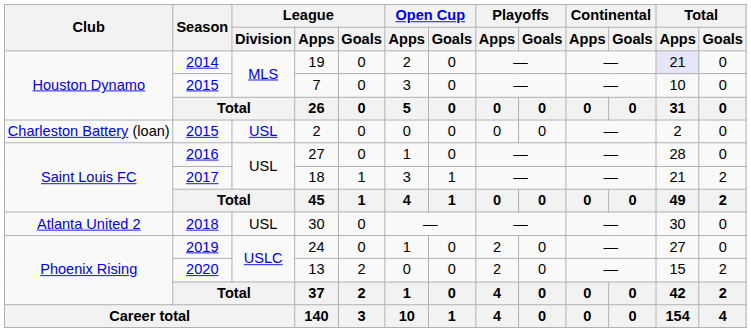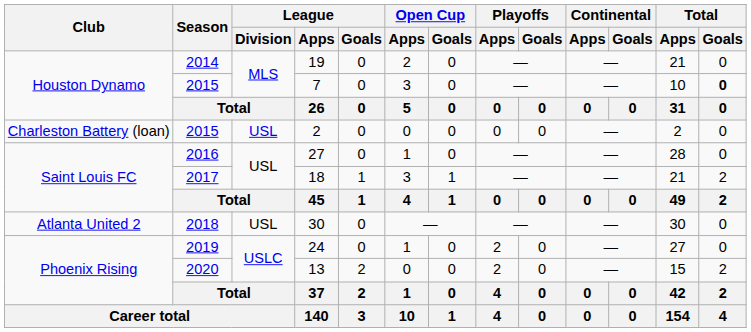 <table class="wikitable" style="text-align:center">
 <tr>
 <th rowspan="2">Club</th>
 <th rowspan="2">Season</th>
 <th colspan="3">League</th>
 <th colspan="2"><a href='#'>Open Cup</a></th>
 <th colspan="2">Playoffs</th>
 <th colspan="2">Continental</th>
 <th colspan="2">Total</th>
 </tr>
 <tr>
 <th>Division</th>
 <th>Apps</th>
 <th>Goals</th>
 <th>Apps</th>
 <th>Goals</th>
 <th>Apps</th>
 <th>Goals</th>
 <th>Apps</th>
 <th>Goals</th>
 <th>Apps</th>
 <th>Goals</th>
 </tr>
 <tr>
 <td rowspan="3"><a href='#'>Houston Dynamo</a></td>
 <td><a href='#'>2014</a></td>
 <td rowspan="2"><a href='#'>MLS</a></td>
 <td>19</td>
 <td>0</td>
 <td>2</td>
 <td>0</td>
 <td colspan="2">—</td>
 <td colspan="2">—</td>
-<td style="background: lavender;">21</td>
+<td>21</td>
 <td>0</td>
 </tr>
 <tr>
 <td><a href='#'>2015</a></td>
 <td>7</td>
 <td>0</td>
 <td>3</td>
 <td>0</td>
 <td colspan="2">—</td>
 <td colspan="2">—</td>
 <td>10</td>
-<td>0</td>
+<td><strong>0</strong></td>
 </tr>
 <tr>
 <th colspan="2">Total</th>
 <th>26</th>
 <th>0</th>
 <th>5</th>
 <th>0</th>
 <th>0</th>
 <th>0</th>
 <th>0</th>
 <th>0</th>
 <th>31</th>
 <th>0</th>
 </tr>
 <tr>
 <td><a href='#'>Charleston Battery</a> (loan)</td>
 <td><a href='#'>2015</a></td>
 <td><a href='#'>USL</a></td>
 <td>2</td>
 <td>0</td>
 <td>0</td>
 <td>0</td>
 <td>0</td>
 <td>0</td>
 <td colspan="2">—</td>
 <td>2</td>
 <td>0</td>
 </tr>
 <tr>
 <td rowspan="3"><a href='#'>Saint Louis FC</a></td>
 <td><a href='#'>2016</a></td>
 <td rowspan="2">USL</td>
 <td>27</td>
 <td>0</td>
 <td>1</td>
 <td>0</td>
 <td colspan="2">—</td>
 <td colspan="2">—</td>
 <td>28</td>
 <td>0</td>
 </tr>
 <tr>
 <td><a href='#'>2017</a></td>
 <td>18</td>
 <td>1</td>
 <td>3</td>
 <td>1</td>
 <td colspan="2">—</td>
 <td colspan="2">—</td>
 <td>21</td>
 <td>2</td>
 </tr>
 <tr>
 <th colspan="2">Total</th>
 <th>45</th>
 <th>1</th>
 <th>4</th>
 <th>1</th>
 <th>0</th>
 <th>0</th>
 <th>0</th>
 <th>0</th>
 <th>49</th>
 <th>2</th>
 </tr>
 <tr>
 <td><a href='#'>Atlanta United 2</a></td>
 <td><a href='#'>2018</a></td>
 <td>USL</td>
 <td>30</td>
 <td>0</td>
 <td colspan="2">—</td>
 <td colspan="2">—</td>
 <td colspan="2">—</td>
 <td>30</td>
 <td>0</td>
 </tr>
 <tr>
 <td rowspan="3"><a href='#'>Phoenix Rising</a></td>
 <td><a href='#'>2019</a></td>
 <td rowspan="2"><a href='#'>USLC</a></td>
 <td>24</td>
 <td>0</td>
 <td>1</td>
 <td>0</td>
 <td>2</td>
 <td>0</td>
 <td colspan="2">—</td>
 <td>27</td>
 <td>0</td>
 </tr>
 <tr>
 <td><a href='#'>2020</a></td>
 <td>13</td>
 <td>2</td>
 <td>0</td>
 <td>0</td>
 <td>2</td>
 <td>0</td>
 <td colspan="2">—</td>
 <td>15</td>
 <td>2</td>
 </tr>
 <tr>
 <th colspan="2">Total</th>
 <th>37</th>
 <th>2</th>
 <th>1</th>
 <th>0</th>
 <th>4</th>
 <th>0</th>
 <th>0</th>
 <th>0</th>
 <th>42</th>
 <th>2</th>
 </tr>
 <tr>
 <th colspan="3">Career total</th>
 <th>140</th>
 <th>3</th>
 <th>10</th>
 <th>1</th>
 <th>4</th>
 <th>0</th>
 <th>0</th>
 <th>0</th>
 <th>154</th>
 <th>4</th>
 </tr>
 </table>
